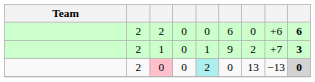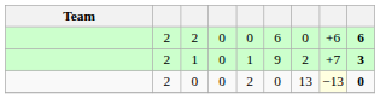 <table class="wikitable" style="text-align: center;">
 <tr>
 <th width="165">Team</th>
 <th width="25"></th>
 <th width="25"></th>
 <th width="25"></th>
 <th width="25"></th>
 <th width="25"></th>
 <th width="25"></th>
 <th width="25"></th>
 <th width="25"></th>
 </tr>
 <tr style="background:#cfc;">
 <td align=left></td>
 <td>2</td>
 <td>2</td>
 <td>0</td>
 <td>0</td>
 <td>6</td>
 <td>0</td>
 <td>+6</td>
 <td><strong>6</strong></td>
 </tr>
 <tr style="background:#cfc;">
 <td align=left></td>
 <td>2</td>
 <td>1</td>
 <td>0</td>
 <td>1</td>
 <td>9</td>
 <td>2</td>
 <td>+7</td>
 <td><strong>3</strong></td>
 </tr>
 <tr>
 <td align=left></td>
 <td>2</td>
-<td style="background: pink;">0</td>
 <td>0</td>
-<td style="background: paleturquoise;">2</td>
+<td>0</td>
+<td>2</td>
 <td>0</td>
 <td>13</td>
-<td>−13</td>
-<td style="background: lightgrey;"><strong>0</strong></td>
+<td style="background: lightyellow;">−13</td>
+<td><strong>0</strong></td>
 </tr>
 <tr>
 </tr>
 </table>
